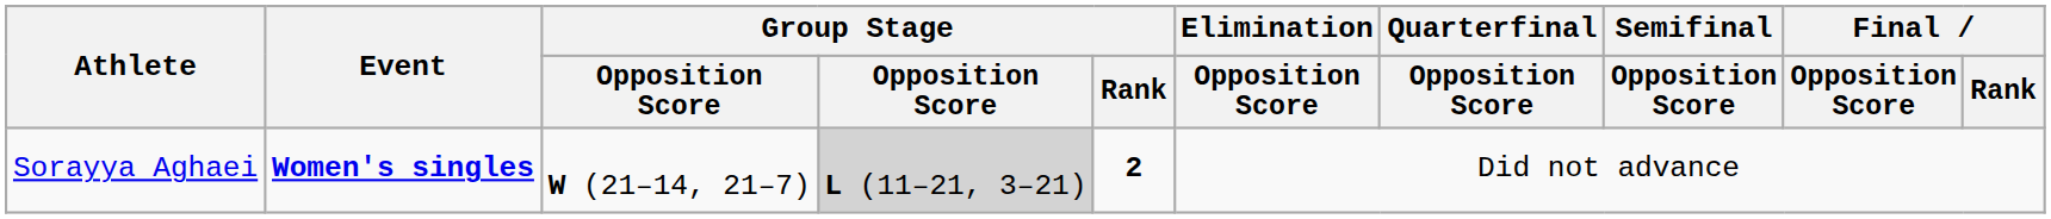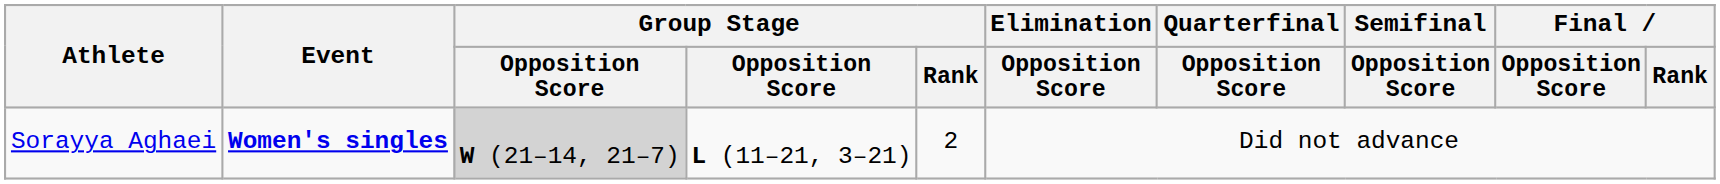 <table class="wikitable" style="font-size:90%">
 <tr>
 <th rowspan=2>Athlete</th>
 <th rowspan=2>Event</th>
 <th colspan=3>Group Stage</th>
 <th>Elimination</th>
 <th>Quarterfinal</th>
 <th>Semifinal</th>
 <th colspan=2>Final / </th>
 </tr>
 <tr style="font-size:95%">
 <th>Opposition<br>Score</th>
 <th>Opposition<br>Score</th>
 <th>Rank</th>
 <th>Opposition<br>Score</th>
 <th>Opposition<br>Score</th>
 <th>Opposition<br>Score</th>
 <th>Opposition<br>Score</th>
 <th>Rank</th>
 </tr>
 <tr align=center>
 <td align=left><a href='#'>Sorayya Aghaei</a></td>
 <td align=left><strong><a href='#'>Women's singles</a></strong></td>
-<td><br> <strong>W</strong> (21–14, 21–7)</td>
-<td style="background: lightgrey;"><br><strong>L</strong> (11–21, 3–21)</td>
-<td><strong>2</strong></td>
+<td style="background: lightgrey;"><br> <strong>W</strong> (21–14, 21–7)</td>
+<td><br><strong>L</strong> (11–21, 3–21)</td>
+<td>2</td>
 <td colspan="5">Did not advance</td>
 </tr>
 </table>
